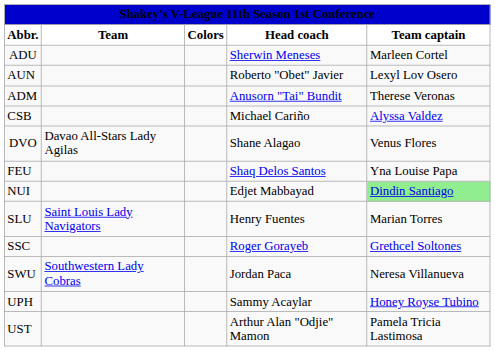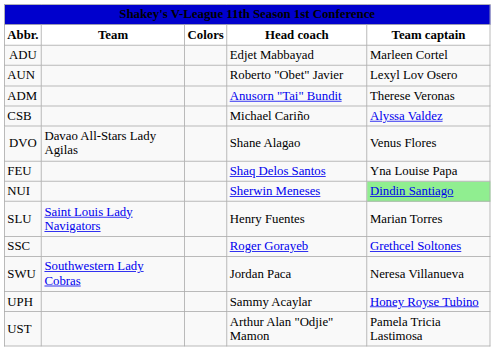 <table class="wikitable">
 <tr>
 <th style=background:#0000CD colspan=5><span>Shakey's V-League 11th Season 1st Conference</span></th>
 </tr>
 <tr>
 <th style="background:white">Abbr.</th>
 <th style="background:white">Team</th>
 <th style="background:white">Colors</th>
 <th style="background:white">Head coach</th>
 <th style="background:white">Team captain</th>
 </tr>
 <tr>
 <td align=center>ADU</td>
 <td></td>
 <td align=center> </td>
-<td> <a href='#'>Sherwin Meneses</a></td>
+<td> Edjet Mabbayad</td>
 <td>Marleen Cortel</td>
 </tr>
 <tr>
 <td>AUN</td>
 <td></td>
 <td> </td>
 <td> Roberto "Obet" Javier</td>
 <td>Lexyl Lov Osero</td>
 </tr>
 <tr>
 <td>ADM</td>
 <td></td>
 <td> </td>
 <td> <a href='#'>Anusorn "Tai" Bundit</a></td>
 <td>Therese Veronas</td>
 </tr>
 <tr>
 <td>CSB</td>
 <td></td>
 <td> </td>
 <td> Michael Cariño</td>
 <td><a href='#'>Alyssa Valdez</a></td>
 </tr>
 <tr>
 <td align=center>DVO</td>
 <td>Davao All-Stars Lady Agilas</td>
 <td> </td>
 <td> Shane Alagao</td>
 <td>Venus Flores</td>
 </tr>
 <tr>
 <td>FEU</td>
 <td></td>
 <td> </td>
 <td> <a href='#'>Shaq Delos Santos</a></td>
 <td>Yna Louise Papa</td>
 </tr>
 <tr>
 <td>NUI</td>
 <td></td>
 <td> </td>
-<td> Edjet Mabbayad</td>
+<td> <a href='#'>Sherwin Meneses</a></td>
 <td style="background: lightgreen;"><a href='#'>Dindin Santiago</a></td>
 </tr>
 <tr>
 <td>SLU</td>
 <td> <a href='#'>Saint Louis Lady Navigators</a></td>
 <td> </td>
 <td> Henry Fuentes</td>
 <td>Marian Torres</td>
 </tr>
 <tr>
 <td>SSC</td>
 <td></td>
 <td> </td>
 <td> <a href='#'>Roger Gorayeb</a></td>
 <td><a href='#'>Grethcel Soltones</a></td>
 </tr>
 <tr>
 <td>SWU</td>
 <td> <a href='#'>Southwestern Lady Cobras</a></td>
 <td> </td>
 <td> Jordan Paca</td>
 <td>Neresa Villanueva</td>
 </tr>
 <tr>
 <td>UPH</td>
 <td align=center></td>
 <td> </td>
 <td> Sammy Acaylar</td>
 <td><a href='#'>Honey Royse Tubino</a></td>
 </tr>
 <tr>
 <td>UST</td>
 <td></td>
 <td> </td>
 <td> Arthur Alan "Odjie" Mamon</td>
 <td>Pamela Tricia Lastimosa</td>
 </tr>
 </table>
